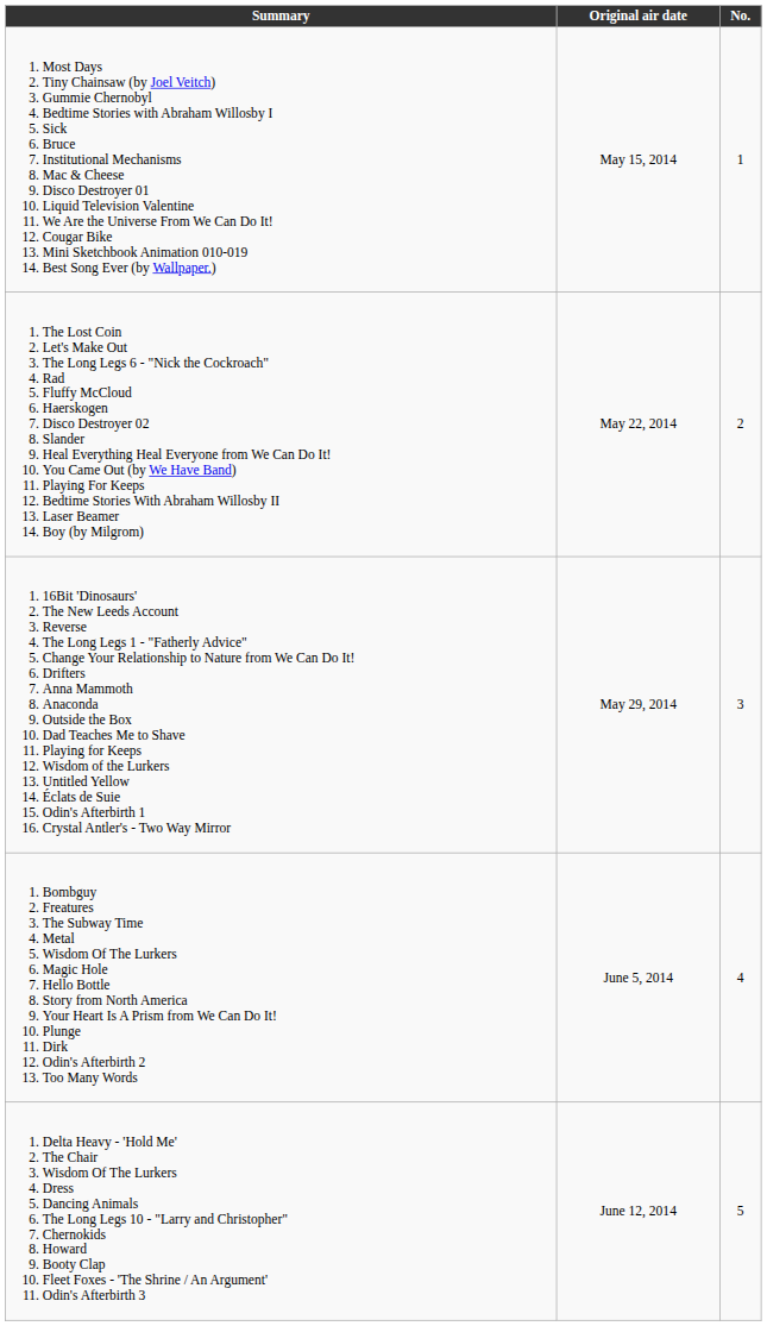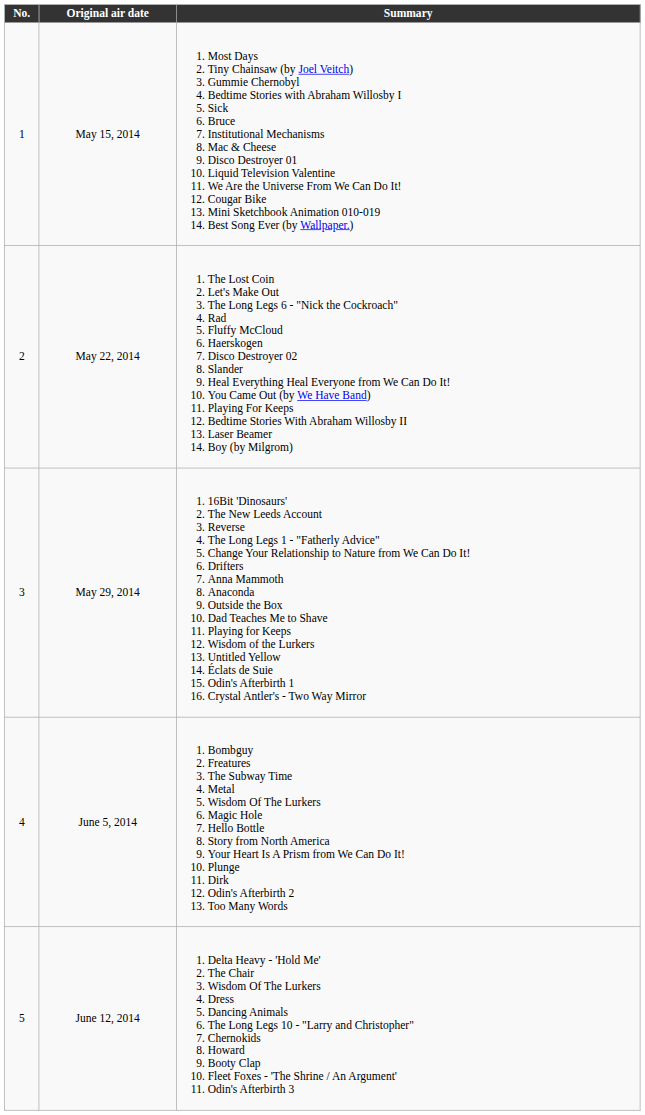 <table class="wikitable plainrowheaders" border="1" style="width:100%;">
 <tr style="color:white;">
+<th style="background:#333333">No.</th>
+<th style="background:#333333">Original air date</th>
 <th style="background:#333333">Summary</th>
-<th style="background:#333333">Original air date</th>
-<th style="background:#333333">No.</th>
 </tr>
 <tr>
+<td style="text-align:center;">1</td>
+<td style="text-align:center;">May 15, 2014</td>
 <td><br><ol><li>Most Days</li><li>Tiny Chainsaw (by <a href='#'>Joel Veitch</a>)</li><li>Gummie Chernobyl</li><li>Bedtime Stories with Abraham Willosby I</li><li>Sick</li><li>Bruce</li><li>Institutional Mechanisms</li><li>Mac & Cheese</li><li>Disco Destroyer 01</li><li>Liquid Television Valentine</li><li>We Are the Universe From We Can Do It!</li><li>Cougar Bike</li><li>Mini Sketchbook Animation 010-019</li><li>Best Song Ever (by <a href='#'>Wallpaper.</a>)</li></ol></td>
-<td style="text-align:center;">May 15, 2014</td>
-<td style="text-align:center;">1</td>
 </tr>
 <tr>
+<td style="text-align:center;">2</td>
+<td style="text-align:center;">May 22, 2014</td>
 <td><br><ol><li>The Lost Coin</li><li>Let's Make Out</li><li>The Long Legs 6 - "Nick the Cockroach"</li><li>Rad</li><li>Fluffy McCloud</li><li>Haerskogen</li><li>Disco Destroyer 02</li><li>Slander</li><li>Heal Everything Heal Everyone from We Can Do It!</li><li>You Came Out (by <a href='#'>We Have Band</a>)</li><li>Playing For Keeps</li><li>Bedtime Stories With Abraham Willosby II</li><li>Laser Beamer</li><li>Boy (by Milgrom)</li></ol></td>
-<td style="text-align:center;">May 22, 2014</td>
-<td style="text-align:center;">2</td>
 </tr>
 <tr>
+<td style="text-align:center;">3</td>
+<td style="text-align:center;">May 29, 2014</td>
 <td><br><ol><li>16Bit 'Dinosaurs'</li><li>The New Leeds Account</li><li>Reverse</li><li>The Long Legs 1 - "Fatherly Advice"</li><li>Change Your Relationship to Nature from We Can Do It!</li><li>Drifters</li><li>Anna Mammoth</li><li>Anaconda</li><li>Outside the Box</li><li>Dad Teaches Me to Shave</li><li>Playing for Keeps</li><li>Wisdom of the Lurkers</li><li>Untitled Yellow</li><li>Éclats de Suie</li><li>Odin's Afterbirth 1</li><li>Crystal Antler's - Two Way Mirror</li></ol></td>
-<td style="text-align:center;">May 29, 2014</td>
-<td style="text-align:center;">3</td>
 </tr>
 <tr>
+<td style="text-align:center;">4</td>
+<td style="text-align:center;">June 5, 2014</td>
 <td><br><ol><li>Bombguy</li><li>Freatures</li><li>The Subway Time</li><li>Metal</li><li>Wisdom Of The Lurkers</li><li>Magic Hole</li><li>Hello Bottle</li><li>Story from North America</li><li>Your Heart Is A Prism from We Can Do It!</li><li>Plunge</li><li>Dirk</li><li>Odin's Afterbirth 2</li><li>Too Many Words</li></ol></td>
-<td style="text-align:center;">June 5, 2014</td>
-<td style="text-align:center;">4</td>
 </tr>
 <tr>
+<td style="text-align:center;">5</td>
+<td style="text-align:center;">June 12, 2014</td>
 <td><br><ol><li>Delta Heavy - 'Hold Me'</li><li>The Chair</li><li>Wisdom Of The Lurkers</li><li>Dress</li><li>Dancing Animals</li><li>The Long Legs 10 - "Larry and Christopher"</li><li>Chernokids</li><li>Howard</li><li>Booty Clap</li><li>Fleet Foxes - 'The Shrine / An Argument'</li><li>Odin's Afterbirth 3</li></ol></td>
-<td style="text-align:center;">June 12, 2014</td>
-<td style="text-align:center;">5</td>
 </tr>
 </table>
